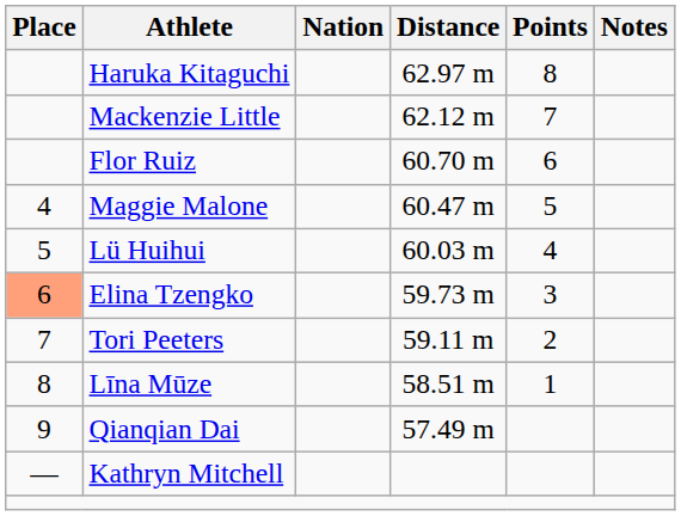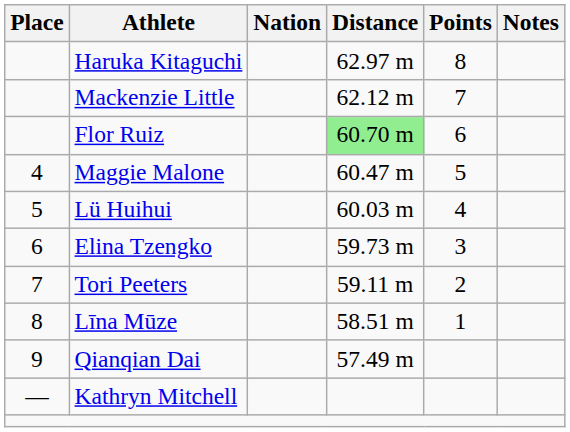 <table class="wikitable mw-datatable sortable" style="text-align:center;">
 <tr>
 <th scope="col">Place</th>
 <th scope="col">Athlete</th>
 <th scope="col">Nation</th>
 <th scope="col">Distance</th>
 <th scope="col">Points</th>
 <th scope="col">Notes</th>
 </tr>
 <tr>
 <td></td>
 <td align="left"><a href='#'>Haruka Kitaguchi</a></td>
 <td align="left"></td>
 <td>62.97 m</td>
 <td>8</td>
 <td></td>
 </tr>
 <tr>
 <td></td>
 <td align="left"><a href='#'>Mackenzie Little</a></td>
 <td align="left"></td>
 <td>62.12 m</td>
 <td>7</td>
 <td></td>
 </tr>
 <tr>
 <td></td>
 <td align="left"><a href='#'>Flor Ruiz</a></td>
 <td align="left"></td>
-<td>60.70 m</td>
+<td style="background: lightgreen;">60.70 m</td>
 <td>6</td>
 <td></td>
 </tr>
 <tr>
 <td>4</td>
 <td align="left"><a href='#'>Maggie Malone</a></td>
 <td align="left"></td>
 <td>60.47 m</td>
 <td>5</td>
 <td></td>
 </tr>
 <tr>
 <td>5</td>
 <td align="left"><a href='#'>Lü Huihui</a></td>
 <td align="left"></td>
 <td>60.03 m</td>
 <td>4</td>
 <td></td>
 </tr>
 <tr>
-<td style="background: lightsalmon;">6</td>
+<td>6</td>
 <td align="left"><a href='#'>Elina Tzengko</a></td>
 <td align="left"></td>
 <td>59.73 m</td>
 <td>3</td>
 <td></td>
 </tr>
 <tr>
 <td>7</td>
 <td align="left"><a href='#'>Tori Peeters</a></td>
 <td align="left"></td>
 <td>59.11 m</td>
 <td>2</td>
 <td></td>
 </tr>
 <tr>
 <td>8</td>
 <td align="left"><a href='#'>Līna Mūze</a></td>
 <td align="left"></td>
 <td>58.51 m</td>
 <td>1</td>
 <td></td>
 </tr>
 <tr>
 <td>9</td>
 <td align="left"><a href='#'>Qianqian Dai</a></td>
 <td align="left"></td>
 <td>57.49 m</td>
 <td></td>
 <td></td>
 </tr>
 <tr>
 <td>—</td>
 <td align="left"><a href='#'>Kathryn Mitchell</a></td>
 <td align="left"></td>
 <td></td>
 <td></td>
 <td></td>
 </tr>
 <tr class="sortbottom">
 <td colspan="6"></td>
 </tr>
 </table>
